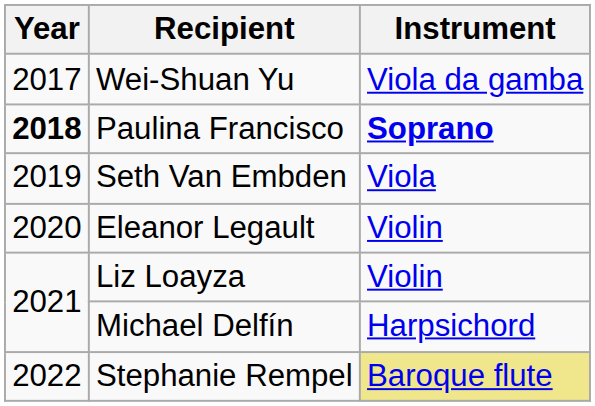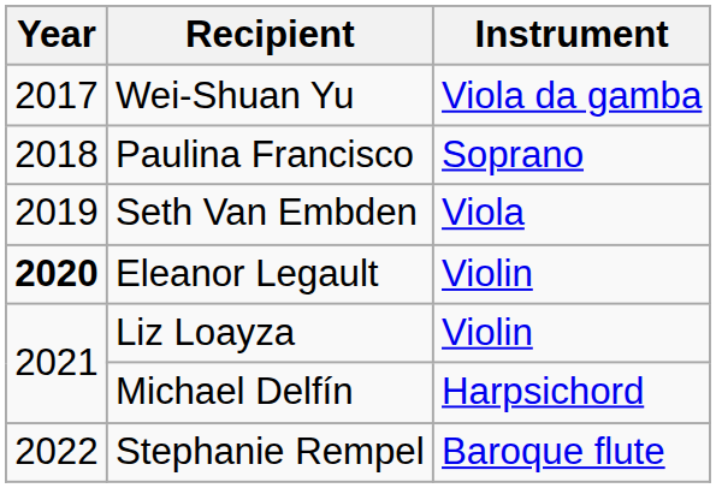 <table class="wikitable">
 <tr>
 <th>Year</th>
 <th>Recipient</th>
 <th>Instrument</th>
 </tr>
 <tr>
 <td>2017</td>
 <td>Wei-Shuan Yu</td>
 <td><a href='#'>Viola da gamba</a></td>
 </tr>
 <tr>
-<td><strong>2018</strong></td>
+<td>2018</td>
 <td>Paulina Francisco</td>
-<td><strong><a href='#'>Soprano</a></strong></td>
+<td><a href='#'>Soprano</a></td>
 </tr>
 <tr>
 <td>2019</td>
 <td>Seth Van Embden</td>
 <td><a href='#'>Viola</a></td>
 </tr>
 <tr>
-<td>2020</td>
+<td><strong>2020</strong></td>
 <td>Eleanor Legault</td>
 <td><a href='#'>Violin</a></td>
 </tr>
 <tr>
 <td rowspan="2">2021</td>
 <td>Liz Loayza</td>
 <td><a href='#'>Violin</a></td>
 </tr>
 <tr>
 <td>Michael Delfín</td>
 <td><a href='#'>Harpsichord</a></td>
 </tr>
 <tr>
 <td>2022</td>
 <td>Stephanie Rempel</td>
-<td style="background: khaki;"><a href='#'>Baroque flute</a></td>
+<td><a href='#'>Baroque flute</a></td>
 </tr>
 </table>
